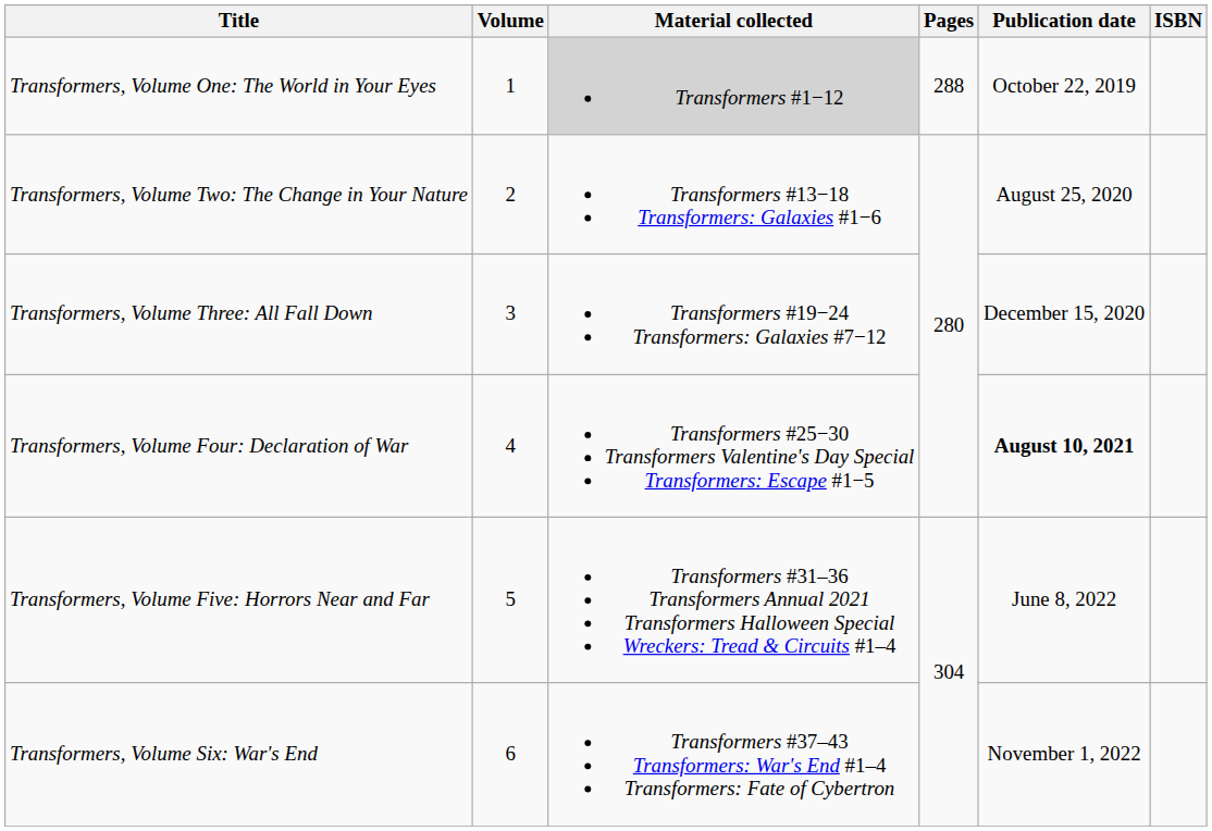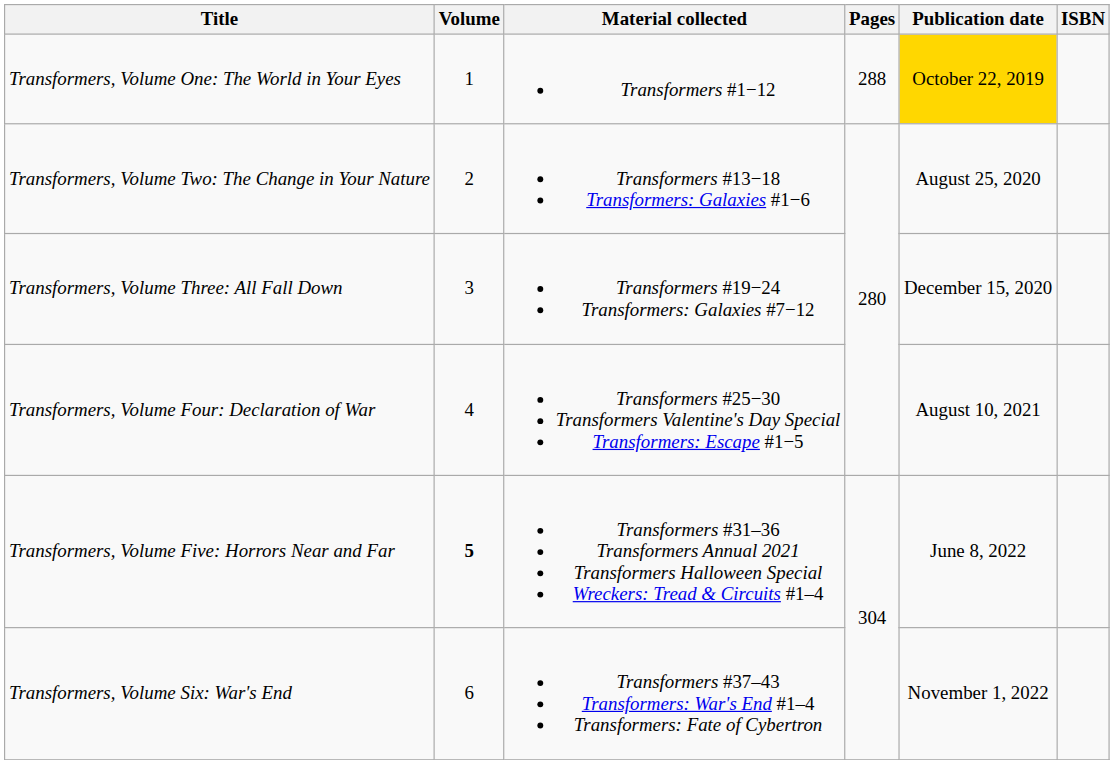 <table class="wikitable" style="text-align: center;">
 <tr>
 <th>Title</th>
 <th>Volume</th>
 <th>Material collected</th>
 <th>Pages</th>
 <th>Publication date</th>
 <th>ISBN</th>
 </tr>
 <tr>
 <td align="left"><em>Transformers, Volume One: The World in Your Eyes</em></td>
 <td>1</td>
-<td style="background: lightgrey;"><br><ul><li><em>Transformers</em> #1−12</li></ul></td>
+<td><br><ul><li><em>Transformers</em> #1−12</li></ul></td>
 <td>288</td>
-<td>October 22, 2019</td>
+<td style="background: gold;">October 22, 2019</td>
 <td></td>
 </tr>
 <tr>
 <td align="left"><em>Transformers, Volume Two: The Change in Your Nature</em></td>
 <td>2</td>
 <td><br><ul><li><em>Transformers</em> #13−18</li><li><em><a href='#'>Transformers: Galaxies</a></em> #1−6</li></ul></td>
 <td rowspan="3">280</td>
 <td>August 25, 2020</td>
 <td></td>
 </tr>
 <tr>
 <td align="left"><em>Transformers, Volume Three: All Fall Down</em></td>
 <td>3</td>
 <td><br><ul><li><em>Transformers</em> #19−24</li><li><em>Transformers: Galaxies</em> #7−12</li></ul></td>
 <td>December 15, 2020</td>
 <td></td>
 </tr>
 <tr>
 <td align="left"><em>Transformers, Volume Four: Declaration of War</em></td>
 <td>4</td>
 <td><br><ul><li><em>Transformers</em> #25−30</li><li><em>Transformers Valentine's Day Special</em></li><li><em><a href='#'>Transformers: Escape</a></em> #1−5</li></ul></td>
-<td><strong>August 10, 2021</strong></td>
+<td>August 10, 2021</td>
 <td></td>
 </tr>
 <tr>
 <td align="left"><em>Transformers, Volume Five: Horrors Near and Far</em></td>
-<td>5</td>
+<td><strong>5</strong></td>
 <td><br><ul><li><em>Transformers</em> #31–36</li><li><em>Transformers Annual 2021</em></li><li><em>Transformers Halloween Special</em></li><li><em><a href='#'>Wreckers: Tread & Circuits</a></em> #1–4</li></ul></td>
 <td rowspan="2">304</td>
 <td>June 8, 2022</td>
 <td></td>
 </tr>
 <tr>
 <td align="left"><em>Transformers, Volume Six: War's End</em></td>
 <td>6</td>
 <td><br><ul><li><em>Transformers</em> #37–43</li><li><em><a href='#'>Transformers: War's End</a></em> #1–4</li><li><em>Transformers: Fate of Cybertron</em></li></ul></td>
 <td>November 1, 2022</td>
 <td></td>
 </tr>
 </table>
